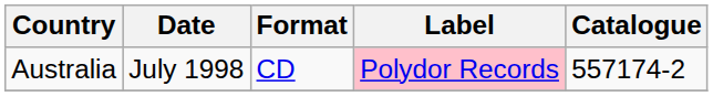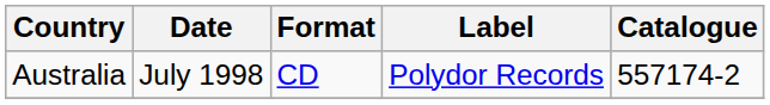 <table class="wikitable plainrowheaders">
 <tr>
 <th scope="col">Country</th>
 <th scope="col">Date</th>
 <th scope="col">Format</th>
 <th scope="col">Label</th>
 <th scope="col">Catalogue</th>
 </tr>
 <tr>
 <td rowspan="1">Australia</td>
 <td>July 1998</td>
 <td><a href='#'>CD</a></td>
-<td rowspan="1" style="background: pink;"><a href='#'>Polydor Records</a></td>
+<td rowspan="1"><a href='#'>Polydor Records</a></td>
 <td>557174-2</td>
 </tr>
 <tr>
 </tr>
 </table>
